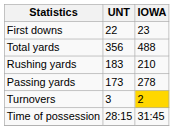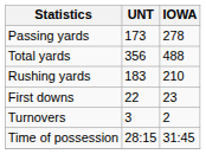 <table class="wikitable">
 <tr>
 <th>Statistics</th>
 <th>UNT</th>
 <th>IOWA</th>
 </tr>
 <tr>
-<td>First downs</td>
-<td>22</td>
-<td>23</td>
+<td>Passing yards</td>
+<td>173</td>
+<td>278</td>
 </tr>
 <tr>
 <td>Total yards</td>
 <td>356</td>
 <td>488</td>
 </tr>
 <tr>
 <td>Rushing yards</td>
 <td>183</td>
 <td>210</td>
 </tr>
 <tr>
-<td>Passing yards</td>
-<td>173</td>
-<td>278</td>
+<td>First downs</td>
+<td>22</td>
+<td>23</td>
 </tr>
 <tr>
 <td>Turnovers</td>
 <td>3</td>
-<td style="background: gold;">2</td>
+<td>2</td>
 </tr>
 <tr>
 <td>Time of possession</td>
 <td>28:15</td>
 <td>31:45</td>
 </tr>
 <tr>
 </tr>
 </table>
